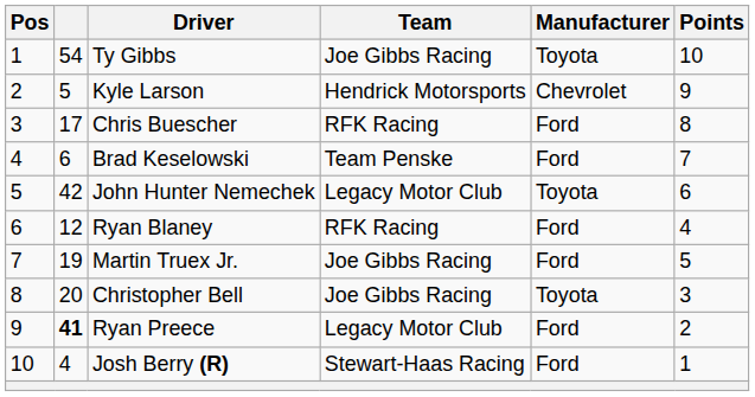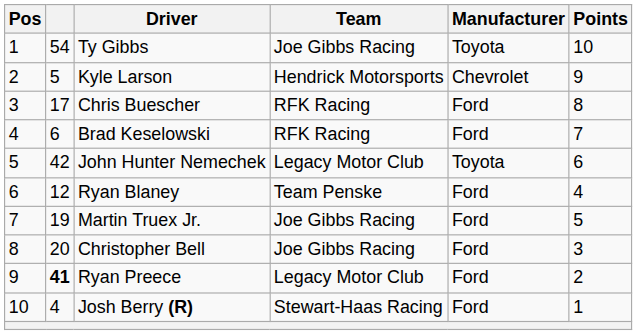 <table class="wikitable" style="font-size:98%">
 <tr>
 <th>Pos</th>
 <th></th>
 <th>Driver</th>
 <th>Team</th>
 <th>Manufacturer</th>
 <th>Points</th>
 </tr>
 <tr>
 <td>1</td>
 <td>54</td>
 <td>Ty Gibbs</td>
 <td>Joe Gibbs Racing</td>
 <td>Toyota</td>
 <td>10</td>
 </tr>
 <tr>
 <td>2</td>
 <td>5</td>
 <td>Kyle Larson</td>
 <td>Hendrick Motorsports</td>
 <td>Chevrolet</td>
 <td>9</td>
 </tr>
 <tr>
 <td>3</td>
 <td>17</td>
 <td>Chris Buescher</td>
 <td>RFK Racing</td>
 <td>Ford</td>
 <td>8</td>
 </tr>
 <tr>
 <td>4</td>
 <td>6</td>
 <td>Brad Keselowski</td>
-<td>Team Penske</td>
+<td>RFK Racing</td>
 <td>Ford</td>
 <td>7</td>
 </tr>
 <tr>
 <td>5</td>
 <td>42</td>
 <td>John Hunter Nemechek</td>
 <td>Legacy Motor Club</td>
 <td>Toyota</td>
 <td>6</td>
 </tr>
 <tr>
 <td>6</td>
 <td>12</td>
 <td>Ryan Blaney</td>
-<td>RFK Racing</td>
+<td>Team Penske</td>
 <td>Ford</td>
 <td>4</td>
 </tr>
 <tr>
 <td>7</td>
 <td>19</td>
 <td>Martin Truex Jr.</td>
 <td>Joe Gibbs Racing</td>
 <td>Ford</td>
 <td>5</td>
 </tr>
 <tr>
 <td>8</td>
 <td>20</td>
 <td>Christopher Bell</td>
 <td>Joe Gibbs Racing</td>
-<td>Toyota</td>
+<td>Ford</td>
 <td>3</td>
 </tr>
 <tr>
 <td>9</td>
 <td><strong>41</strong></td>
 <td>Ryan Preece</td>
 <td>Legacy Motor Club</td>
 <td>Ford</td>
 <td>2</td>
 </tr>
 <tr>
 <td>10</td>
 <td>4</td>
 <td>Josh Berry <strong>(R)</strong></td>
 <td>Stewart-Haas Racing</td>
 <td>Ford</td>
 <td>1</td>
 </tr>
 <tr>
 <th colspan="6"></th>
 </tr>
 </table>
